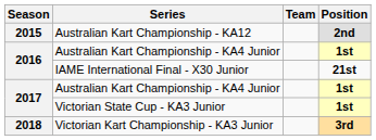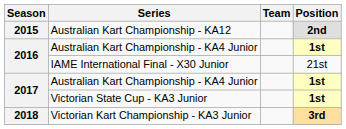 <table class="wikitable" style="font-size: 85%; text-align:center">
 <tr>
 <th>Season</th>
 <th>Series</th>
 <th>Team</th>
 <th>Position</th>
 </tr>
 <tr>
 <th>2015</th>
 <td align="left">Australian Kart Championship - KA12</td>
 <td align="left"></td>
 <td style="background:#DFDFDF"><strong>2nd</strong></td>
 </tr>
 <tr>
 <th rowspan="2">2016</th>
 <td align="left">Australian Kart Championship - KA4 Junior</td>
 <td align="left"></td>
 <td style="background:#FFFFBF"><strong>1st</strong></td>
 </tr>
 <tr>
 <td align="left">IAME International Final - X30 Junior</td>
 <td align="left"></td>
-<td><strong>21st</strong></td>
+<td>21st</td>
 </tr>
 <tr>
 <th rowspan="2">2017</th>
 <td align="left">Australian Kart Championship - KA4 Junior</td>
 <td align="left"></td>
 <td style="background:#FFFFBF"><strong>1st</strong></td>
 </tr>
 <tr>
 <td align="left">Victorian State Cup - KA3 Junior</td>
 <td align="left"></td>
 <td style="background:#FFFFBF"><strong>1st</strong></td>
 </tr>
 <tr>
 <th>2018</th>
 <td align="left">Victorian Kart Championship - KA3 Junior</td>
 <td align="left"></td>
 <td style="background:#FFDF9F"><strong>3rd</strong></td>
 </tr>
 </table>
